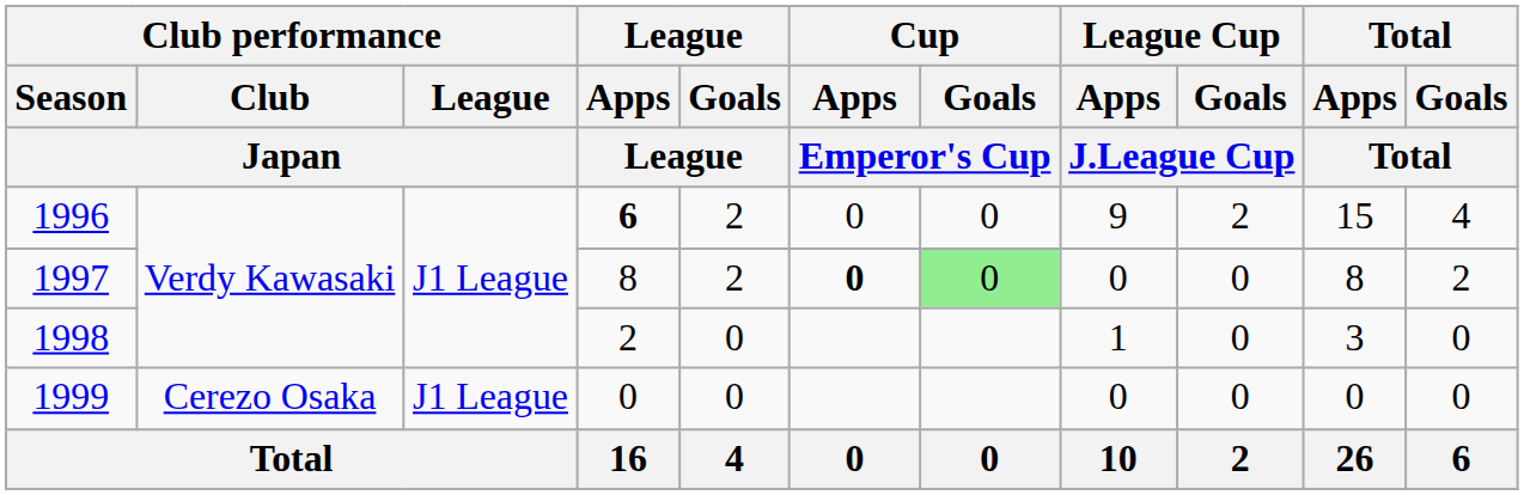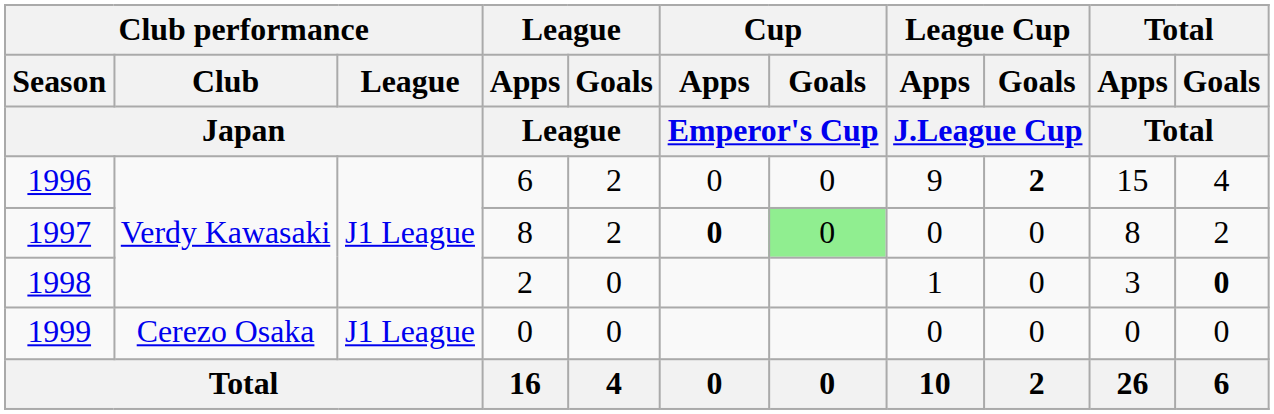 <table class="wikitable" style="text-align:center;">
 <tr>
 <th colspan=3>Club performance</th>
 <th colspan=2>League</th>
 <th colspan=2>Cup</th>
 <th colspan=2>League Cup</th>
 <th colspan=2>Total</th>
 </tr>
 <tr>
 <th>Season</th>
 <th>Club</th>
 <th>League</th>
 <th>Apps</th>
 <th>Goals</th>
 <th>Apps</th>
 <th>Goals</th>
 <th>Apps</th>
 <th>Goals</th>
 <th>Apps</th>
 <th>Goals</th>
 </tr>
 <tr>
 <th colspan=3>Japan</th>
 <th colspan=2>League</th>
 <th colspan=2><a href='#'>Emperor's Cup</a></th>
 <th colspan=2><a href='#'>J.League Cup</a></th>
 <th colspan=2>Total</th>
 </tr>
 <tr>
 <td><a href='#'>1996</a></td>
 <td rowspan="3"><a href='#'>Verdy Kawasaki</a></td>
 <td rowspan="3"><a href='#'>J1 League</a></td>
-<td><strong>6</strong></td>
+<td>6</td>
 <td>2</td>
 <td>0</td>
 <td>0</td>
 <td>9</td>
-<td>2</td>
+<td><strong>2</strong></td>
 <td>15</td>
 <td>4</td>
 </tr>
 <tr>
 <td><a href='#'>1997</a></td>
 <td>8</td>
 <td>2</td>
 <td><strong>0</strong></td>
 <td style="background: lightgreen;">0</td>
 <td>0</td>
 <td>0</td>
 <td>8</td>
 <td>2</td>
 </tr>
 <tr>
 <td><a href='#'>1998</a></td>
 <td>2</td>
 <td>0</td>
 <td></td>
 <td></td>
 <td>1</td>
 <td>0</td>
 <td>3</td>
-<td>0</td>
+<td><strong>0</strong></td>
 </tr>
 <tr>
 <td><a href='#'>1999</a></td>
 <td><a href='#'>Cerezo Osaka</a></td>
 <td><a href='#'>J1 League</a></td>
 <td>0</td>
 <td>0</td>
 <td></td>
 <td></td>
 <td>0</td>
 <td>0</td>
 <td>0</td>
 <td>0</td>
 </tr>
 <tr>
 <th colspan=3>Total</th>
 <th>16</th>
 <th>4</th>
 <th>0</th>
 <th>0</th>
 <th>10</th>
 <th>2</th>
 <th>26</th>
 <th>6</th>
 </tr>
 </table>
